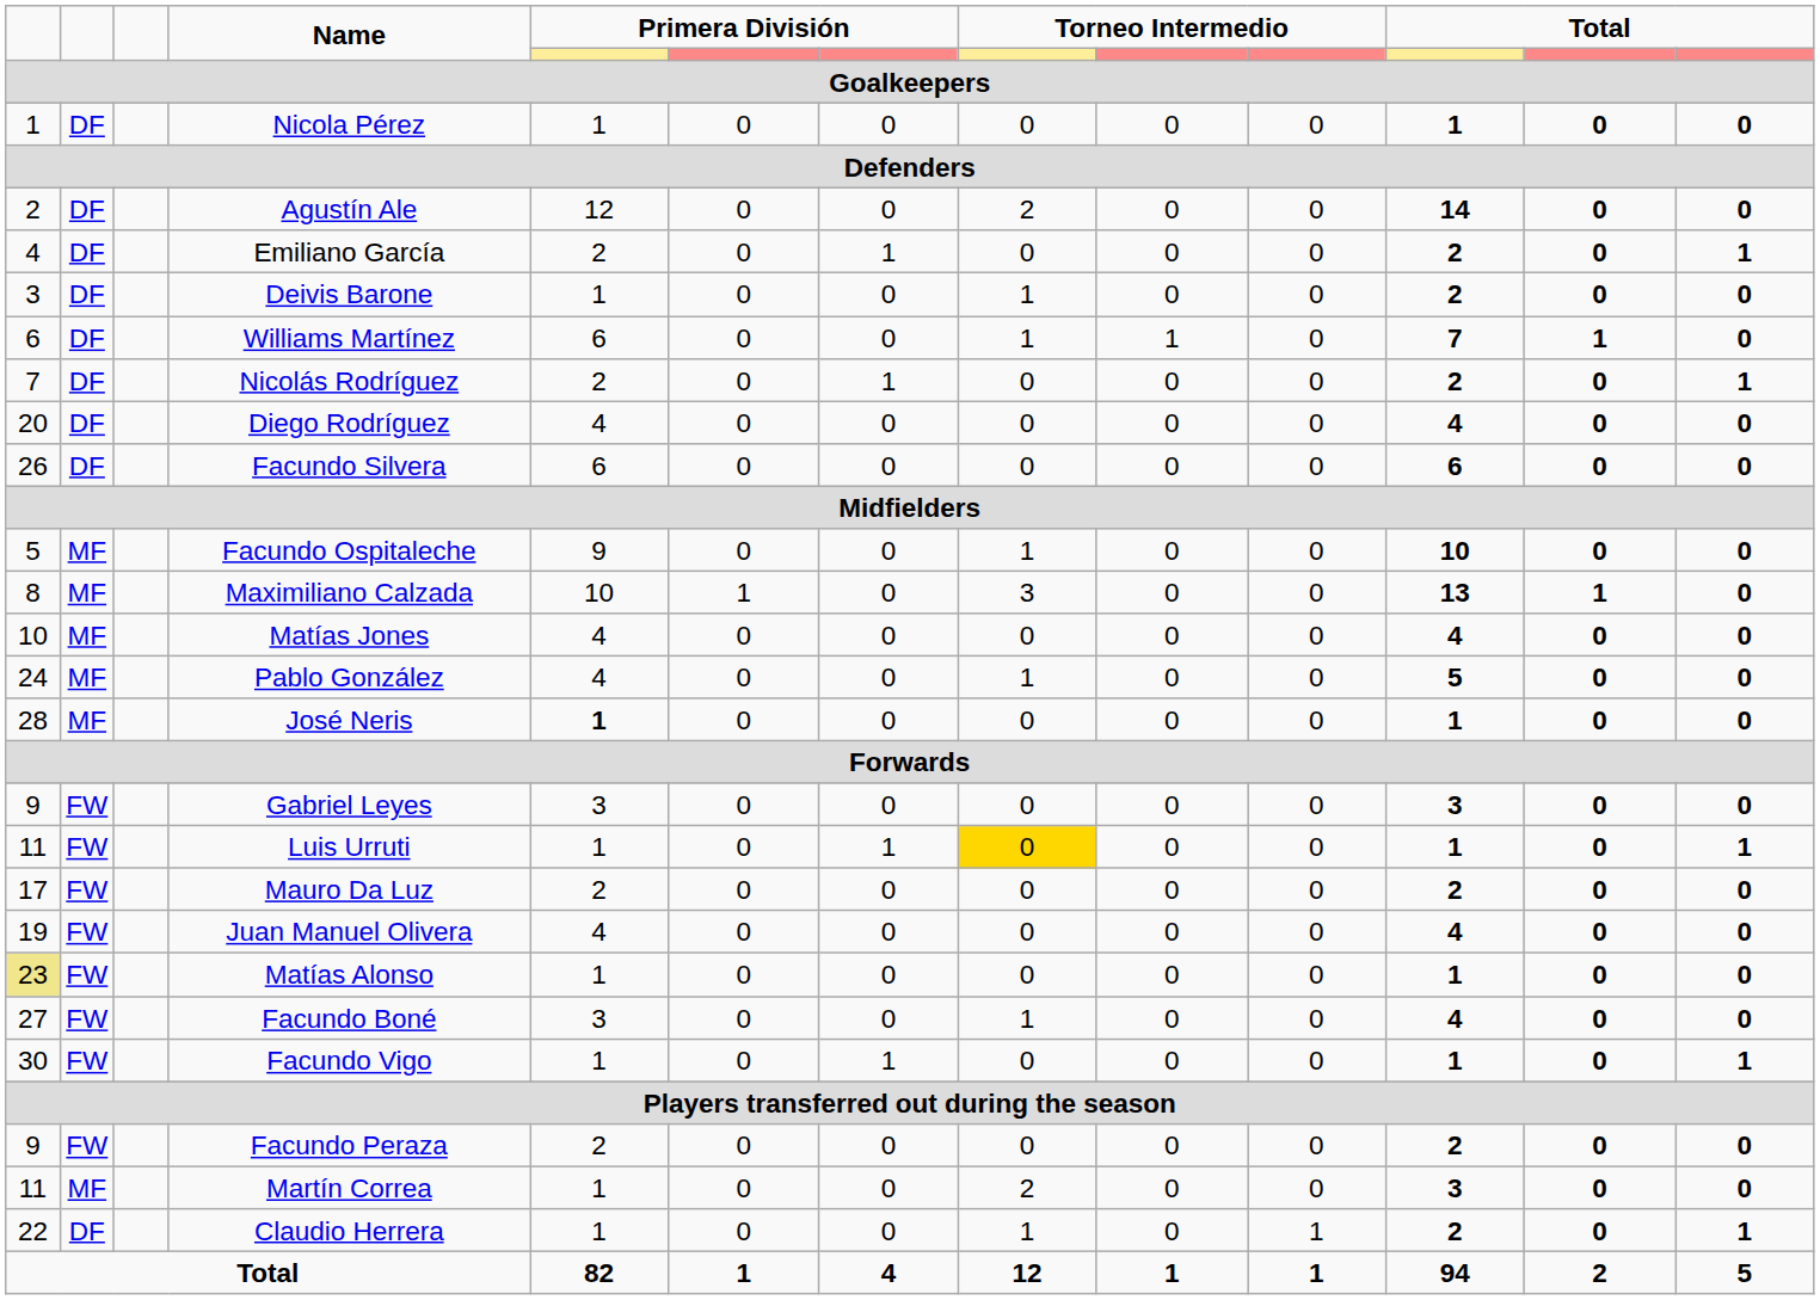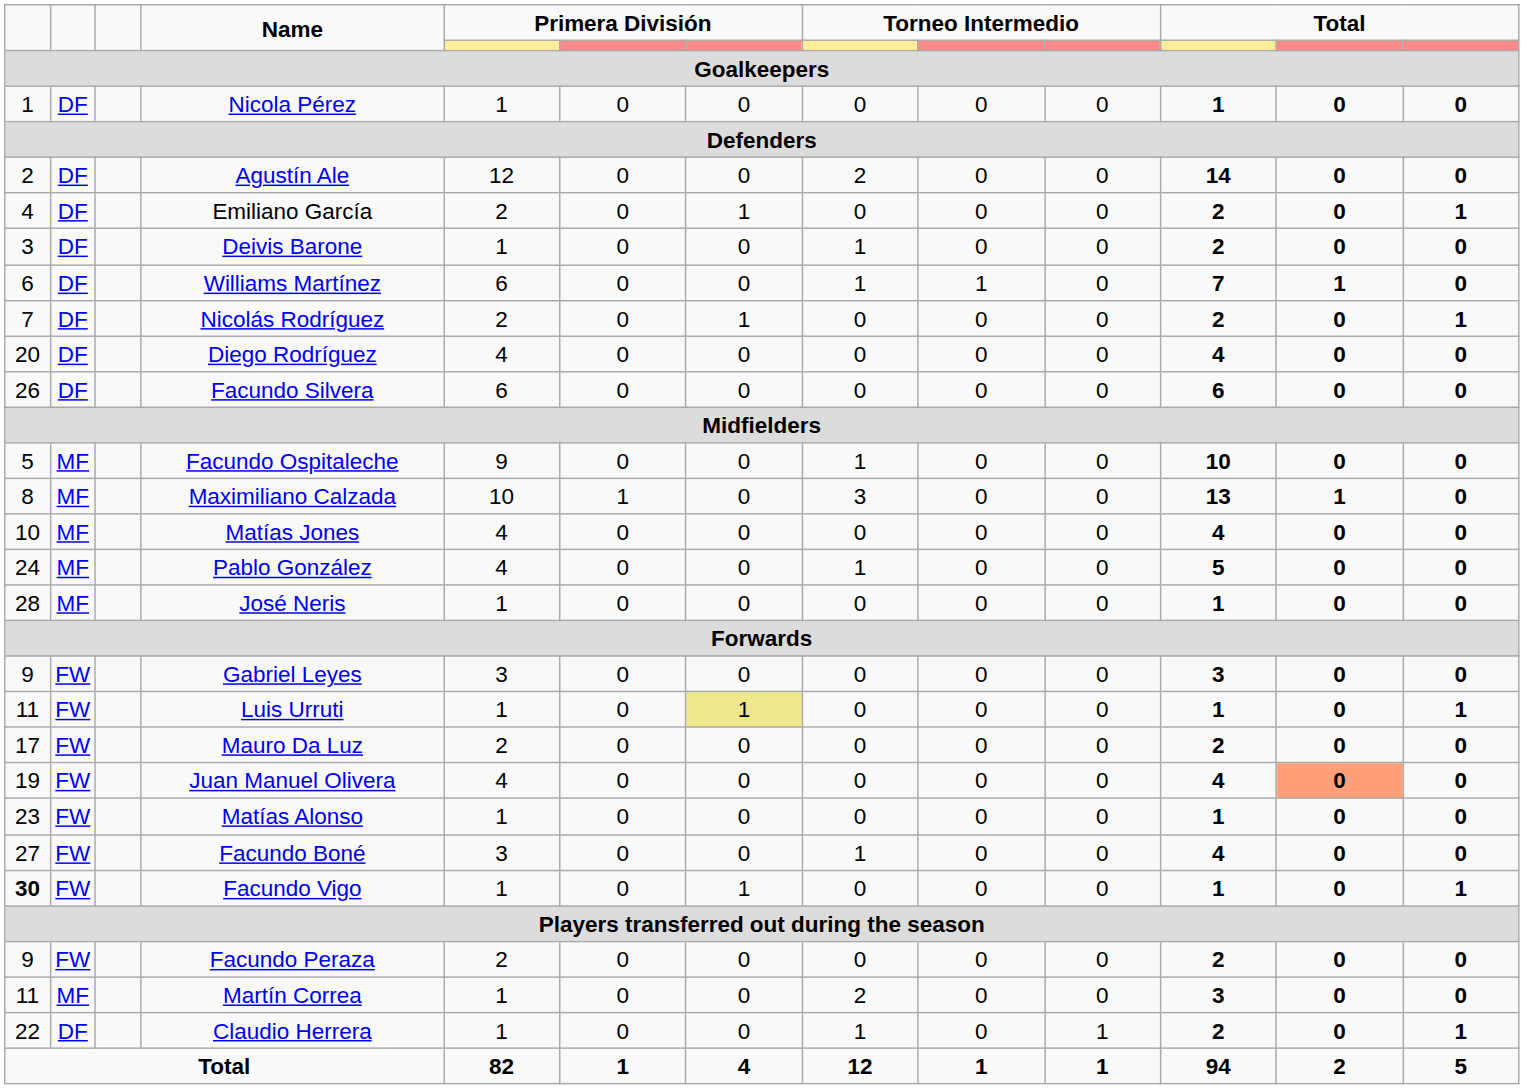 <table class="wikitable" style="font-size: 95%; text-align: center;">
 <tr>
 <td rowspan="2"  style="width:3%; text-align:center;"><strong></strong></td>
 <td rowspan="2"  style="width:3%; text-align:center;"><strong></strong></td>
 <td rowspan="2"  style="width:3%; text-align:center;"><strong></strong></td>
 <td rowspan="2"  style="width:20%; text-align:center;"><strong>Name</strong></td>
 <td colspan="3" style="text-align:center;"><strong>Primera División</strong></td>
 <td colspan="3" style="text-align:center;"><strong>Torneo Intermedio</strong></td>
 <td colspan="3" style="text-align:center;"><strong>Total</strong></td>
 </tr>
 <tr>
 <th style="width:25px; background:#fe9;"></th>
 <th style="width:28px; background:#ff8888;"></th>
 <th style="width:25px; background:#ff8888;"></th>
 <th style="width:25px; background:#fe9;"></th>
 <th style="width:28px; background:#ff8888;"></th>
 <th style="width:25px; background:#ff8888;"></th>
 <th style="width:25px; background:#fe9;"></th>
 <th style="width:28px; background:#ff8888;"></th>
 <th style="width:25px; background:#ff8888;"></th>
 </tr>
 <tr>
 <th colspan="19" style="background:#dcdcdc; text-align:center">Goalkeepers</th>
 </tr>
 <tr>
 <td>1</td>
 <td><a href='#'>DF</a></td>
 <td></td>
 <td><a href='#'>Nicola Pérez</a></td>
 <td>1</td>
 <td>0</td>
 <td>0</td>
 <td>0</td>
 <td>0</td>
 <td>0</td>
 <td><strong>1</strong></td>
 <td><strong>0</strong></td>
 <td><strong>0</strong></td>
 </tr>
 <tr>
 <th colspan="19" style="background:#dcdcdc; text-align:center">Defenders</th>
 </tr>
 <tr>
 <td>2</td>
 <td><a href='#'>DF</a></td>
 <td></td>
 <td><a href='#'>Agustín Ale</a></td>
 <td>12</td>
 <td>0</td>
 <td>0</td>
 <td>2</td>
 <td>0</td>
 <td>0</td>
 <td><strong>14</strong></td>
 <td><strong>0</strong></td>
 <td><strong>0</strong></td>
 </tr>
 <tr>
 <td>4</td>
 <td><a href='#'>DF</a></td>
 <td></td>
 <td>Emiliano García</td>
 <td>2</td>
 <td>0</td>
 <td>1</td>
 <td>0</td>
 <td>0</td>
 <td>0</td>
 <td><strong>2</strong></td>
 <td><strong>0</strong></td>
 <td><strong>1</strong></td>
 </tr>
 <tr>
 <td>3</td>
 <td><a href='#'>DF</a></td>
 <td></td>
 <td><a href='#'>Deivis Barone</a></td>
 <td>1</td>
 <td>0</td>
 <td>0</td>
 <td>1</td>
 <td>0</td>
 <td>0</td>
 <td><strong>2</strong></td>
 <td><strong>0</strong></td>
 <td><strong>0</strong></td>
 </tr>
 <tr>
 <td>6</td>
 <td><a href='#'>DF</a></td>
 <td></td>
 <td><a href='#'>Williams Martínez</a></td>
 <td>6</td>
 <td>0</td>
 <td>0</td>
 <td>1</td>
 <td>1</td>
 <td>0</td>
 <td><strong>7</strong></td>
 <td><strong>1</strong></td>
 <td><strong>0</strong></td>
 </tr>
 <tr>
 <td>7</td>
 <td><a href='#'>DF</a></td>
 <td></td>
 <td><a href='#'>Nicolás Rodríguez</a></td>
 <td>2</td>
 <td>0</td>
 <td>1</td>
 <td>0</td>
 <td>0</td>
 <td>0</td>
 <td><strong>2</strong></td>
 <td><strong>0</strong></td>
 <td><strong>1</strong></td>
 </tr>
 <tr>
 <td>20</td>
 <td><a href='#'>DF</a></td>
 <td></td>
 <td><a href='#'>Diego Rodríguez</a></td>
 <td>4</td>
 <td>0</td>
 <td>0</td>
 <td>0</td>
 <td>0</td>
 <td>0</td>
 <td><strong>4</strong></td>
 <td><strong>0</strong></td>
 <td><strong>0</strong></td>
 </tr>
 <tr>
 <td>26</td>
 <td><a href='#'>DF</a></td>
 <td></td>
 <td><a href='#'>Facundo Silvera</a></td>
 <td>6</td>
 <td>0</td>
 <td>0</td>
 <td>0</td>
 <td>0</td>
 <td>0</td>
 <td><strong>6</strong></td>
 <td><strong>0</strong></td>
 <td><strong>0</strong></td>
 </tr>
 <tr>
 <th colspan="19" style="background:#dcdcdc; text-align:center">Midfielders</th>
 </tr>
 <tr>
 <td>5</td>
 <td><a href='#'>MF</a></td>
 <td></td>
 <td><a href='#'>Facundo Ospitaleche</a></td>
 <td>9</td>
 <td>0</td>
 <td>0</td>
 <td>1</td>
 <td>0</td>
 <td>0</td>
 <td><strong>10</strong></td>
 <td><strong>0</strong></td>
 <td><strong>0</strong></td>
 </tr>
 <tr>
 <td>8</td>
 <td><a href='#'>MF</a></td>
 <td></td>
 <td><a href='#'>Maximiliano Calzada</a></td>
 <td>10</td>
 <td>1</td>
 <td>0</td>
 <td>3</td>
 <td>0</td>
 <td>0</td>
 <td><strong>13</strong></td>
 <td><strong>1</strong></td>
 <td><strong>0</strong></td>
 </tr>
 <tr>
 <td>10</td>
 <td><a href='#'>MF</a></td>
 <td></td>
 <td><a href='#'>Matías Jones</a></td>
 <td>4</td>
 <td>0</td>
 <td>0</td>
 <td>0</td>
 <td>0</td>
 <td>0</td>
 <td><strong>4</strong></td>
 <td><strong>0</strong></td>
 <td><strong>0</strong></td>
 </tr>
 <tr>
 <td>24</td>
 <td><a href='#'>MF</a></td>
 <td></td>
 <td><a href='#'>Pablo González</a></td>
 <td>4</td>
 <td>0</td>
 <td>0</td>
 <td>1</td>
 <td>0</td>
 <td>0</td>
 <td><strong>5</strong></td>
 <td><strong>0</strong></td>
 <td><strong>0</strong></td>
 </tr>
 <tr>
 <td>28</td>
 <td><a href='#'>MF</a></td>
 <td></td>
 <td><a href='#'>José Neris</a></td>
-<td><strong>1</strong></td>
+<td>1</td>
 <td>0</td>
 <td>0</td>
 <td>0</td>
 <td>0</td>
 <td>0</td>
 <td><strong>1</strong></td>
 <td><strong>0</strong></td>
 <td><strong>0</strong></td>
 </tr>
 <tr>
 <th colspan="19" style="background:#dcdcdc; text-align:center">Forwards</th>
 </tr>
 <tr>
 <td>9</td>
 <td><a href='#'>FW</a></td>
 <td></td>
 <td><a href='#'>Gabriel Leyes</a></td>
 <td>3</td>
 <td>0</td>
 <td>0</td>
 <td>0</td>
 <td>0</td>
 <td>0</td>
 <td><strong>3</strong></td>
 <td><strong>0</strong></td>
 <td><strong>0</strong></td>
 </tr>
 <tr>
 <td>11</td>
 <td><a href='#'>FW</a></td>
 <td></td>
 <td><a href='#'>Luis Urruti</a></td>
 <td>1</td>
 <td>0</td>
-<td>1</td>
-<td style="background: gold;">0</td>
+<td style="background: khaki;">1</td>
+<td>0</td>
 <td>0</td>
 <td>0</td>
 <td><strong>1</strong></td>
 <td><strong>0</strong></td>
 <td><strong>1</strong></td>
 </tr>
 <tr>
 <td>17</td>
 <td><a href='#'>FW</a></td>
 <td></td>
 <td><a href='#'>Mauro Da Luz</a></td>
 <td>2</td>
 <td>0</td>
 <td>0</td>
 <td>0</td>
 <td>0</td>
 <td>0</td>
 <td><strong>2</strong></td>
 <td><strong>0</strong></td>
 <td><strong>0</strong></td>
 </tr>
 <tr>
 <td>19</td>
 <td><a href='#'>FW</a></td>
 <td></td>
 <td><a href='#'>Juan Manuel Olivera</a></td>
 <td>4</td>
 <td>0</td>
 <td>0</td>
 <td>0</td>
 <td>0</td>
 <td>0</td>
 <td><strong>4</strong></td>
-<td><strong>0</strong></td>
+<td style="background: lightsalmon;"><strong>0</strong></td>
 <td><strong>0</strong></td>
 </tr>
 <tr>
-<td style="background: khaki;">23</td>
+<td>23</td>
 <td><a href='#'>FW</a></td>
 <td></td>
 <td><a href='#'>Matías Alonso</a></td>
 <td>1</td>
 <td>0</td>
 <td>0</td>
 <td>0</td>
 <td>0</td>
 <td>0</td>
 <td><strong>1</strong></td>
 <td><strong>0</strong></td>
 <td><strong>0</strong></td>
 </tr>
 <tr>
 <td>27</td>
 <td><a href='#'>FW</a></td>
 <td></td>
 <td><a href='#'>Facundo Boné</a></td>
 <td>3</td>
 <td>0</td>
 <td>0</td>
 <td>1</td>
 <td>0</td>
 <td>0</td>
 <td><strong>4</strong></td>
 <td><strong>0</strong></td>
 <td><strong>0</strong></td>
 </tr>
 <tr>
-<td>30</td>
+<td><strong>30</strong></td>
 <td><a href='#'>FW</a></td>
 <td></td>
 <td><a href='#'>Facundo Vigo</a></td>
 <td>1</td>
 <td>0</td>
 <td>1</td>
 <td>0</td>
 <td>0</td>
 <td>0</td>
 <td><strong>1</strong></td>
 <td><strong>0</strong></td>
 <td><strong>1</strong></td>
 </tr>
 <tr>
 <th colspan="19" style="background:#dcdcdc; text-align:center">Players transferred out during the season</th>
 </tr>
 <tr>
 <td>9</td>
 <td><a href='#'>FW</a></td>
 <td></td>
 <td><a href='#'>Facundo Peraza</a></td>
 <td>2</td>
 <td>0</td>
 <td>0</td>
 <td>0</td>
 <td>0</td>
 <td>0</td>
 <td><strong>2</strong></td>
 <td><strong>0</strong></td>
 <td><strong>0</strong></td>
 </tr>
 <tr>
 <td>11</td>
 <td><a href='#'>MF</a></td>
 <td></td>
 <td><a href='#'>Martín Correa</a></td>
 <td>1</td>
 <td>0</td>
 <td>0</td>
 <td>2</td>
 <td>0</td>
 <td>0</td>
 <td><strong>3</strong></td>
 <td><strong>0</strong></td>
 <td><strong>0</strong></td>
 </tr>
 <tr>
 <td>22</td>
 <td><a href='#'>DF</a></td>
 <td></td>
 <td><a href='#'>Claudio Herrera</a></td>
 <td>1</td>
 <td>0</td>
 <td>0</td>
 <td>1</td>
 <td>0</td>
 <td>1</td>
 <td><strong>2</strong></td>
 <td><strong>0</strong></td>
 <td><strong>1</strong></td>
 </tr>
 <tr>
 <td colspan=4><strong>Total</strong></td>
 <td><strong>82</strong></td>
 <td><strong>1</strong></td>
 <td><strong>4</strong></td>
 <td><strong>12</strong></td>
 <td><strong>1</strong></td>
 <td><strong>1</strong></td>
 <td><strong>94</strong></td>
 <td><strong>2</strong></td>
 <td><strong>5</strong></td>
 </tr>
 </table>
